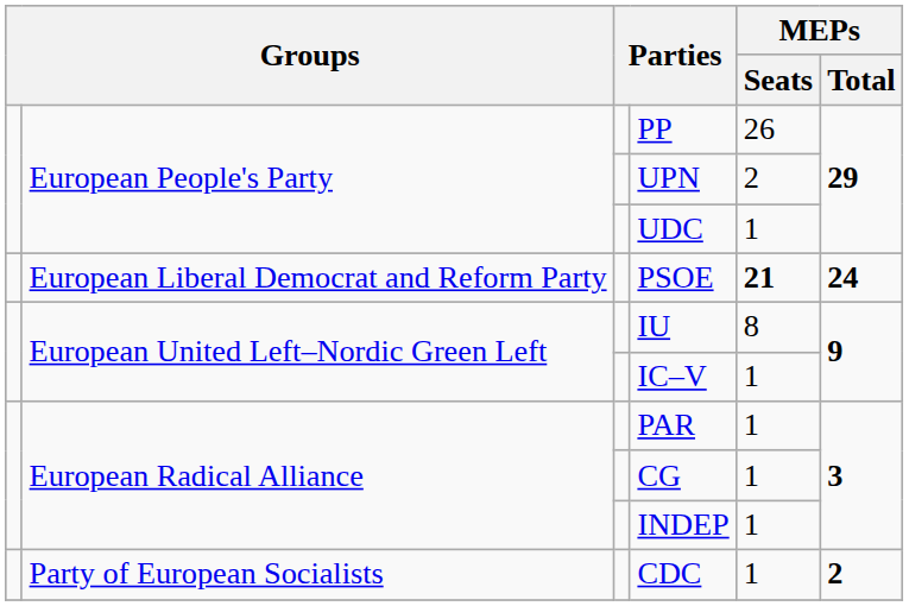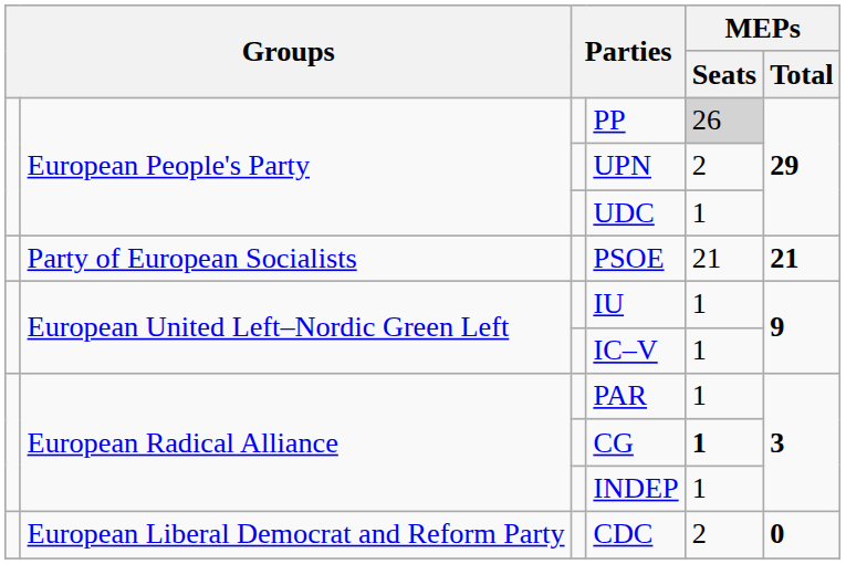 <table class="wikitable" style="text-align:left;">
 <tr>
 <th rowspan="2" colspan="2">Groups</th>
 <th rowspan="2" colspan="2">Parties</th>
 <th colspan="2">MEPs</th>
 </tr>
 <tr>
 <th>Seats</th>
 <th>Total</th>
 </tr>
 <tr>
 <td width="1" rowspan="3"></td>
 <td rowspan="3"><a href='#'>European People's Party</a></td>
 <td width="1" style="color:inherit;background:"></td>
 <td><a href='#'>PP</a></td>
-<td>26</td>
+<td style="background: lightgrey;">26</td>
 <td rowspan="3"><strong>29</strong></td>
 </tr>
 <tr>
 <td style="color:inherit;background:"></td>
 <td><a href='#'>UPN</a></td>
 <td>2</td>
 </tr>
 <tr>
 <td style="color:inherit;background:"></td>
 <td><a href='#'>UDC</a></td>
 <td>1</td>
 </tr>
 <tr>
 <td style="color:inherit;background:"></td>
-<td><a href='#'>European Liberal Democrat and Reform Party</a></td>
+<td><a href='#'>Party of European Socialists</a></td>
 <td style="color:inherit;background:"></td>
 <td><a href='#'>PSOE</a></td>
+<td>21</td>
 <td><strong>21</strong></td>
-<td><strong>24</strong></td>
 </tr>
 <tr>
 <td rowspan="2" style="color:inherit;background:"></td>
 <td rowspan="2"><a href='#'>European United Left–Nordic Green Left</a></td>
 <td style="color:inherit;background:"></td>
 <td><a href='#'>IU</a></td>
-<td>8</td>
+<td>1</td>
 <td rowspan="2"><strong>9</strong></td>
 </tr>
 <tr>
 <td style="color:inherit;background:"></td>
 <td><a href='#'>IC–V</a></td>
 <td>1</td>
 </tr>
 <tr>
 <td rowspan="3" style="color:inherit;background:"></td>
 <td rowspan="3"><a href='#'>European Radical Alliance</a></td>
 <td style="color:inherit;background:"></td>
 <td><a href='#'>PAR</a></td>
 <td>1</td>
 <td rowspan="3"><strong>3</strong></td>
 </tr>
 <tr>
 <td style="color:inherit;background:"></td>
 <td><a href='#'>CG</a></td>
-<td>1</td>
+<td><strong>1</strong></td>
 </tr>
 <tr>
 <td style="color:inherit;background:"></td>
 <td><a href='#'>INDEP</a></td>
 <td>1</td>
 </tr>
 <tr>
 <td style="color:inherit;background:"></td>
-<td><a href='#'>Party of European Socialists</a></td>
+<td><a href='#'>European Liberal Democrat and Reform Party</a></td>
 <td style="color:inherit;background:"></td>
 <td><a href='#'>CDC</a></td>
-<td>1</td>
-<td><strong>2</strong></td>
+<td>2</td>
+<td><strong>0</strong></td>
 </tr>
 </table>
